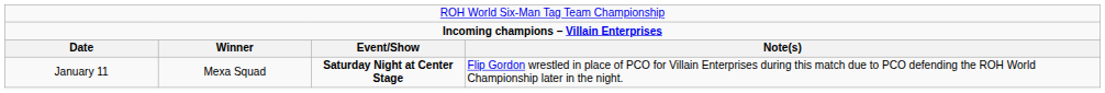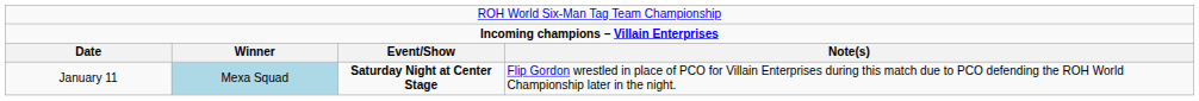 <table class="wikitable" style="text-align:center; width:100%;">
 <tr>
 <td colspan="4" style="text-align: center;"><a href='#'>ROH World Six-Man Tag Team Championship</a></td>
 </tr>
 <tr>
 <td colspan="4" style="text-align: center;"><strong>Incoming champions – <a href='#'>Villain Enterprises</a> </strong></td>
 </tr>
 <tr>
 <th width=14%>Date</th>
 <th width=14%>Winner</th>
 <th width=14%>Event/Show</th>
 <th width=58%>Note(s)</th>
 </tr>
 <tr>
 <td>January 11</td>
-<td>Mexa Squad<br></td>
+<td style="background: lightblue;">Mexa Squad<br></td>
 <td><strong>Saturday Night at Center Stage</strong></td>
 <td style="text-align: left;"><a href='#'>Flip Gordon</a> wrestled in place of PCO for Villain Enterprises during this match due to PCO defending the ROH World Championship later in the night.</td>
 </tr>
 </table>
